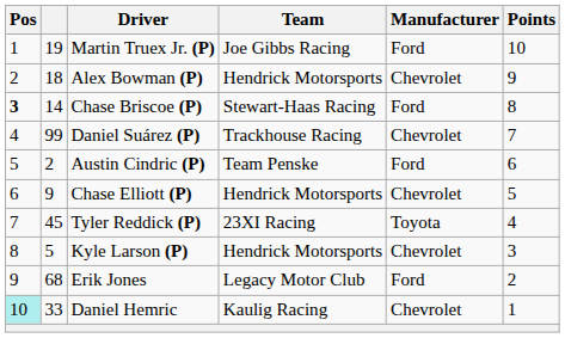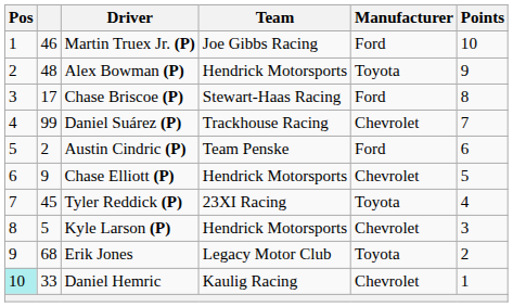 <table class="wikitable" style="font-size:98%">
 <tr>
 <th>Pos</th>
 <th></th>
 <th>Driver</th>
 <th>Team</th>
 <th>Manufacturer</th>
 <th>Points</th>
 </tr>
 <tr>
 <td>1</td>
-<td>19</td>
+<td>46</td>
 <td>Martin Truex Jr. <strong>(P)</strong></td>
 <td>Joe Gibbs Racing</td>
 <td>Ford</td>
 <td>10</td>
 </tr>
 <tr>
 <td>2</td>
-<td>18</td>
+<td>48</td>
 <td>Alex Bowman <strong>(P)</strong></td>
 <td>Hendrick Motorsports</td>
-<td>Chevrolet</td>
+<td>Toyota</td>
 <td>9</td>
 </tr>
 <tr>
-<td><strong>3</strong></td>
-<td>14</td>
+<td>3</td>
+<td>17</td>
 <td>Chase Briscoe <strong>(P)</strong></td>
 <td>Stewart-Haas Racing</td>
 <td>Ford</td>
 <td>8</td>
 </tr>
 <tr>
 <td>4</td>
 <td>99</td>
 <td>Daniel Suárez <strong>(P)</strong></td>
 <td>Trackhouse Racing</td>
 <td>Chevrolet</td>
 <td>7</td>
 </tr>
 <tr>
 <td>5</td>
 <td>2</td>
 <td>Austin Cindric <strong>(P)</strong></td>
 <td>Team Penske</td>
 <td>Ford</td>
 <td>6</td>
 </tr>
 <tr>
 <td>6</td>
 <td>9</td>
 <td>Chase Elliott <strong>(P)</strong></td>
 <td>Hendrick Motorsports</td>
 <td>Chevrolet</td>
 <td>5</td>
 </tr>
 <tr>
 <td>7</td>
 <td>45</td>
 <td>Tyler Reddick <strong>(P)</strong></td>
 <td>23XI Racing</td>
 <td>Toyota</td>
 <td>4</td>
 </tr>
 <tr>
 <td>8</td>
 <td>5</td>
 <td>Kyle Larson <strong>(P)</strong></td>
 <td>Hendrick Motorsports</td>
 <td>Chevrolet</td>
 <td>3</td>
 </tr>
 <tr>
 <td>9</td>
 <td>68</td>
 <td>Erik Jones</td>
 <td>Legacy Motor Club</td>
-<td>Ford</td>
+<td>Toyota</td>
 <td>2</td>
 </tr>
 <tr>
 <td style="background: paleturquoise;">10</td>
 <td>33</td>
 <td>Daniel Hemric</td>
 <td>Kaulig Racing</td>
 <td>Chevrolet</td>
 <td>1</td>
 </tr>
 <tr>
 <th colspan="6"></th>
 </tr>
 </table>
